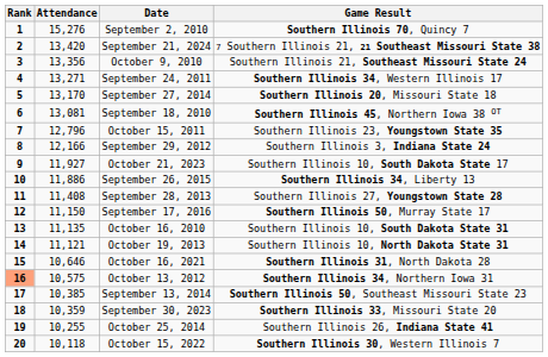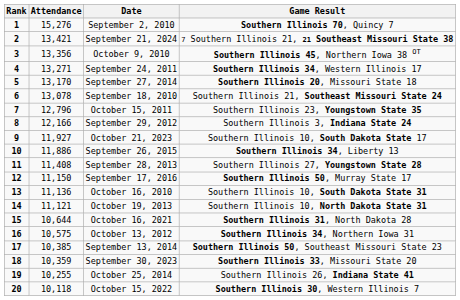 <table class="wikitable">
 <tr>
 <th>Rank</th>
 <th>Attendance</th>
 <th>Date</th>
 <th>Game Result</th>
 </tr>
 <tr align="center">
 <td><strong>1</strong></td>
 <td>15,276</td>
 <td>September 2, 2010</td>
 <td><strong> Southern Illinois 70</strong>, Quincy 7</td>
 </tr>
 <tr align="center">
 <td><strong>2</strong></td>
-<td>13,420</td>
+<td>13,421</td>
 <td>September 21, 2024</td>
 <td><small>7</small> Southern Illinois 21, <strong><small>21</small> Southeast Missouri State 38</strong></td>
 </tr>
 <tr align="center">
 <td><strong>3</strong></td>
 <td>13,356</td>
 <td>October 9, 2010</td>
-<td> Southern Illinois 21, <strong>Southeast Missouri State 24</strong></td>
+<td><strong> Southern Illinois 45</strong>,  Northern Iowa 38 <sup>OT</sup></td>
 </tr>
 <tr align="center">
 <td><strong>4</strong></td>
 <td>13,271</td>
 <td>September 24, 2011</td>
 <td><strong> Southern Illinois 34</strong>, Western Illinois 17</td>
 </tr>
 <tr align="center">
 <td><strong>5</strong></td>
 <td>13,170</td>
 <td>September 27, 2014</td>
 <td><strong> Southern Illinois 20</strong>, Missouri State 18</td>
 </tr>
 <tr align="center">
 <td><strong>6</strong></td>
-<td>13,081</td>
+<td>13,078</td>
 <td>September 18, 2010</td>
-<td><strong> Southern Illinois 45</strong>,  Northern Iowa 38 <sup>OT</sup></td>
+<td> Southern Illinois 21, <strong>Southeast Missouri State 24</strong></td>
 </tr>
 <tr align="center">
 <td><strong>7</strong></td>
 <td>12,796</td>
 <td>October 15, 2011</td>
 <td>Southern Illinois 23, <strong>Youngstown State 35</strong></td>
 </tr>
 <tr align="center">
 <td><strong>8</strong></td>
 <td>12,166</td>
 <td>September 29, 2012</td>
 <td>Southern Illinois 3, <strong>Indiana State 24</strong></td>
 </tr>
 <tr align="center">
 <td><strong>9</strong></td>
 <td>11,927</td>
 <td>October 21, 2023</td>
 <td> Southern Illinois 10,  <strong>South Dakota State</strong> 17</td>
 </tr>
 <tr align="center">
 <td><strong>10</strong></td>
 <td>11,886</td>
 <td>September 26, 2015</td>
 <td><strong>Southern Illinois 34</strong>,  Liberty 13</td>
 </tr>
 <tr align="center">
 <td><strong>11</strong></td>
 <td>11,408</td>
 <td>September 28, 2013</td>
 <td>Southern Illinois 27, <strong>Youngstown State 28</strong></td>
 </tr>
 <tr align="center">
 <td><strong>12</strong></td>
 <td>11,150</td>
 <td>September 17, 2016</td>
 <td><strong>Southern Illinois 50</strong>, Murray State 17</td>
 </tr>
 <tr align="center">
 <td><strong>13</strong></td>
-<td>11,135</td>
+<td>11,136</td>
 <td>October 16, 2010</td>
 <td> Southern Illinois 10, <strong>South Dakota State 31</strong></td>
 </tr>
 <tr align="center">
 <td><strong>14</strong></td>
 <td>11,121</td>
 <td>October 19, 2013</td>
 <td>Southern Illinois 10, <strong> North Dakota State 31</strong></td>
 </tr>
 <tr align="center">
 <td><strong>15</strong></td>
-<td>10,646</td>
+<td>10,644</td>
 <td>October 16, 2021</td>
 <td><strong> Southern Illinois 31</strong>,  North Dakota 28</td>
 </tr>
 <tr align="center">
-<td style="background: lightsalmon;"><strong>16</strong></td>
+<td><strong>16</strong></td>
 <td>10,575</td>
 <td>October 13, 2012</td>
 <td><strong>Southern Illinois 34</strong>, Northern Iowa 31</td>
 </tr>
 <tr align="center">
 <td><strong>17</strong></td>
 <td>10,385</td>
 <td>September 13, 2014</td>
 <td><strong> Southern Illinois 50</strong>, Southeast Missouri State 23</td>
 </tr>
 <tr align="center">
 <td><strong>18</strong></td>
 <td>10,359</td>
 <td>September 30, 2023</td>
 <td><strong> Southern Illinois 33</strong>, Missouri State 20</td>
 </tr>
 <tr align="center">
 <td><strong>19</strong></td>
 <td>10,255</td>
 <td>October 25, 2014</td>
 <td> Southern Illinois 26, <strong> Indiana State 41</strong></td>
 </tr>
 <tr align="center">
 <td><strong>20</strong></td>
 <td>10,118</td>
 <td>October 15, 2022</td>
 <td><strong> Southern Illinois 30</strong>, Western Illinois 7</td>
 </tr>
 </table>
